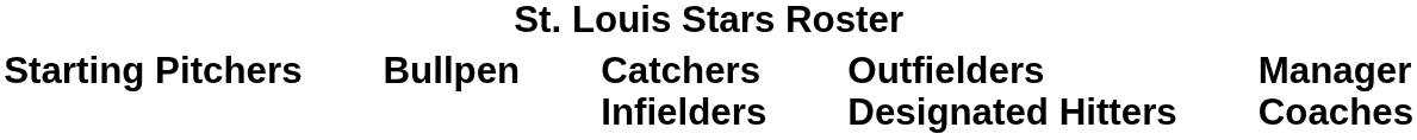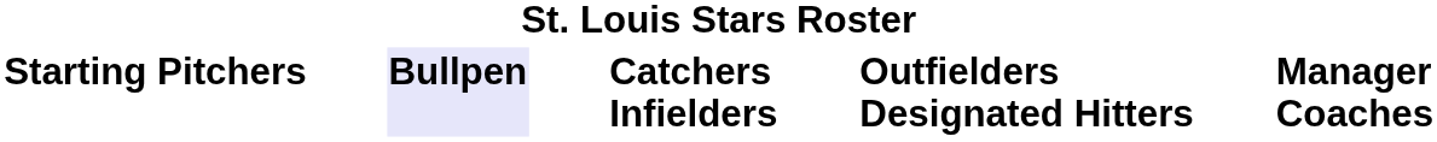 <table class="toccolours" style="font-size: 95%;">
 <tr>
 <th colspan="10">St. Louis Stars Roster </th>
 </tr>
 <tr>
 <td valign="top"><strong>Starting Pitchers</strong><br>    </td>
 <td style="width:25px;"></td>
-<td valign="top"><strong>Bullpen</strong><br>       </td>
+<td valign="top" style="background: lavender;"><strong>Bullpen</strong><br>       </td>
 <td style="width:25px;"></td>
 <td valign="top"><strong>Catchers</strong><br>  <strong>Infielders</strong>      </td>
 <td style="width:25px;"></td>
 <td valign="top"><strong>Outfielders</strong><br>     <strong>Designated Hitters</strong> </td>
 <td style="width:25px;"></td>
 <td valign="top"><strong>Manager</strong><br> <strong>Coaches</strong>                           </td>
 </tr>
 </table>
